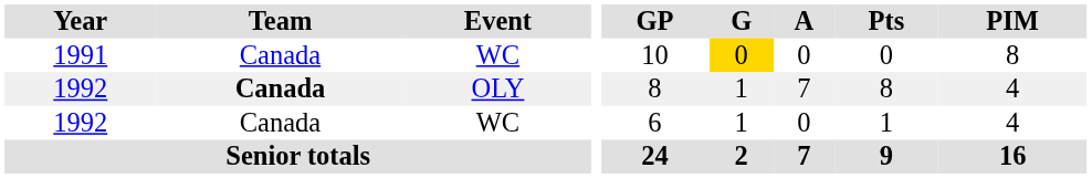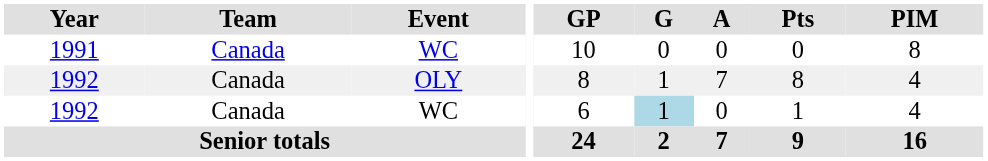 <table border="0" cellpadding="1" cellspacing="0" ID="Table3" style="text-align:center; width:40em">
 <tr bgcolor="#e0e0e0">
 <th>Year</th>
 <th>Team</th>
 <th>Event</th>
 <th rowspan="102" bgcolor="#ffffff"></th>
 <th>GP</th>
 <th>G</th>
 <th>A</th>
 <th>Pts</th>
 <th>PIM</th>
 </tr>
 <tr>
 <td><a href='#'>1991</a></td>
 <td><a href='#'>Canada</a></td>
 <td><a href='#'>WC</a></td>
 <td>10</td>
-<td style="background: gold;">0</td>
+<td>0</td>
 <td>0</td>
 <td>0</td>
 <td>8</td>
 </tr>
 <tr bgcolor="#f0f0f0">
 <td><a href='#'>1992</a></td>
-<td><strong>Canada</strong></td>
+<td>Canada</td>
 <td><a href='#'>OLY</a></td>
 <td>8</td>
 <td>1</td>
 <td>7</td>
 <td>8</td>
 <td>4</td>
 </tr>
 <tr>
 <td><a href='#'>1992</a></td>
 <td>Canada</td>
 <td>WC</td>
 <td>6</td>
-<td>1</td>
+<td style="background: lightblue;">1</td>
 <td>0</td>
 <td>1</td>
 <td>4</td>
 </tr>
 <tr bgcolor="#e0e0e0">
 <th colspan=3>Senior totals</th>
 <th>24</th>
 <th>2</th>
 <th>7</th>
 <th>9</th>
 <th>16</th>
 </tr>
 </table>
